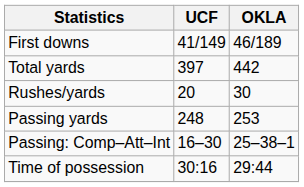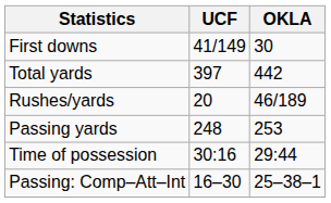 <table class="wikitable" style="float: left;">
 <tr>
 <th>Statistics</th>
 <th>UCF</th>
 <th>OKLA</th>
 </tr>
 <tr>
 <td>First downs</td>
 <td>41/149</td>
-<td>46/189</td>
+<td>30</td>
 </tr>
 <tr>
 <td>Total yards</td>
 <td>397</td>
 <td>442</td>
 </tr>
 <tr>
 <td>Rushes/yards</td>
 <td>20</td>
-<td>30</td>
+<td>46/189</td>
 </tr>
 <tr>
 <td>Passing yards</td>
 <td>248</td>
 <td>253</td>
 </tr>
 <tr>
+<td>Time of possession</td>
+<td>30:16</td>
+<td>29:44</td>
+</tr>
+<tr>
 <td>Passing: Comp–Att–Int</td>
 <td>16–30</td>
 <td>25–38–1</td>
 </tr>
 <tr>
-<td>Time of possession</td>
-<td>30:16</td>
-<td>29:44</td>
-</tr>
-<tr>
 </tr>
 </table>
